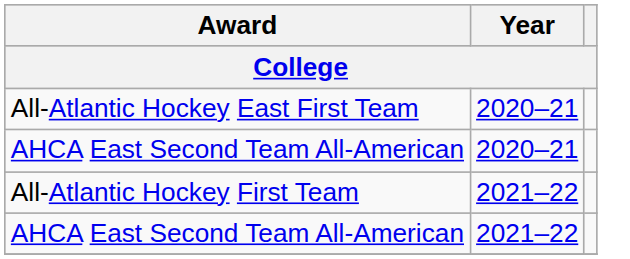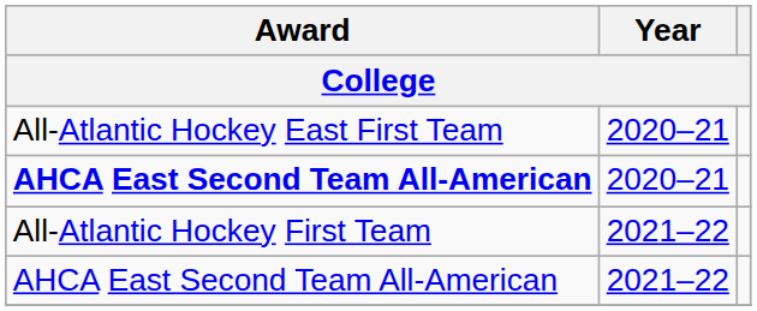 <table class="wikitable">
 <tr>
 <th>Award</th>
 <th>Year</th>
 <th></th>
 </tr>
 <tr ALIGN="center" bgcolor="#e0e0e0">
 <th colspan="3"><a href='#'>College</a></th>
 </tr>
 <tr>
 <td>All-<a href='#'>Atlantic Hockey</a> <a href='#'>East First Team</a></td>
 <td><a href='#'>2020–21</a></td>
 <td></td>
 </tr>
 <tr>
-<td><a href='#'>AHCA</a> <a href='#'>East Second Team All-American</a></td>
+<td><strong><a href='#'>AHCA</a> <a href='#'>East Second Team All-American</a></strong></td>
 <td><a href='#'>2020–21</a></td>
 <td></td>
 </tr>
 <tr>
 <td>All-<a href='#'>Atlantic Hockey</a> <a href='#'>First Team</a></td>
 <td><a href='#'>2021–22</a></td>
 <td></td>
 </tr>
 <tr>
 <td><a href='#'>AHCA</a> <a href='#'>East Second Team All-American</a></td>
 <td><a href='#'>2021–22</a></td>
 <td></td>
 </tr>
 <tr>
 </tr>
 </table>
